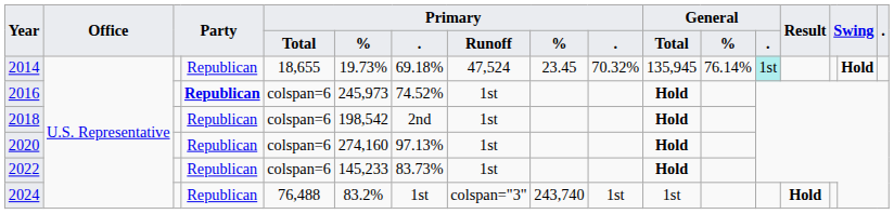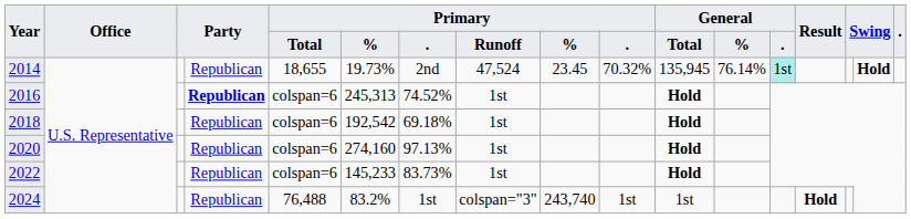 <table class="wikitable" style="font-size:90%; text-align:center;">
 <tr>
 <th style="background-color:#EAECF0;" rowspan=2>Year</th>
 <th style="background-color:#EAECF0;" rowspan=2>Office</th>
 <th style="background-color:#EAECF0;" colspan=2 rowspan=2>Party</th>
 <th style="background-color:#EAECF0;" colspan=6>Primary</th>
 <th style="background-color:#EAECF0;" colspan=3>General</th>
 <th style="background-color:#EAECF0;" rowspan=2>Result</th>
 <th style="background-color:#EAECF0;" colspan=2 rowspan=2><a href='#'>Swing</a></th>
 <th style="background-color:#EAECF0;" rowspan=2>.</th>
 </tr>
 <tr>
 <th style="background-color:#EAECF0;">Total</th>
 <th style="background-color:#EAECF0;">%</th>
 <th style="background-color:#EAECF0;">.</th>
 <th style="background-color:#EAECF0;">Runoff</th>
 <th style="background-color:#EAECF0;">%</th>
 <th style="background-color:#EAECF0;">.</th>
 <th style="background-color:#EAECF0;">Total</th>
 <th style="background-color:#EAECF0;">%</th>
 <th style="background-color:#EAECF0;">.</th>
 </tr>
 <tr>
 <td style="background-color:#EAECF0;"><a href='#'>2014</a></td>
 <td rowspan="6"><a href='#'>U.S. Representative</a></td>
 <td style="background-color:"></td>
 <td><a href='#'>Republican</a></td>
 <td>18,655</td>
 <td>19.73%</td>
-<td>69.18%</td>
+<td>2nd</td>
 <td>47,524</td>
 <td>23.45</td>
 <td>70.32%</td>
 <td>135,945</td>
 <td>76.14%</td>
 <td style="background: paleturquoise;">1st</td>
 <td></td>
 <td style="background-color:"></td>
 <td><strong>Hold</strong></td>
 <td></td>
 </tr>
 <tr>
 <td style="background-color:#EAECF0;"><a href='#'>2016</a></td>
 <td style="background-color:"></td>
 <td><strong><a href='#'>Republican</a></strong></td>
 <td>colspan=6 </td>
-<td>245,973</td>
+<td>245,313</td>
 <td>74.52%</td>
 <td>1st</td>
 <td></td>
 <td style="background-color:"></td>
 <td><strong>Hold</strong></td>
 <td></td>
 </tr>
 <tr>
 <td style="background-color:#EAECF0;"><a href='#'>2018</a></td>
 <td style="background-color:"></td>
 <td><a href='#'>Republican</a></td>
 <td>colspan=6 </td>
-<td>198,542</td>
-<td>2nd</td>
+<td>192,542</td>
+<td>69.18%</td>
 <td>1st</td>
 <td></td>
 <td style="background-color:"></td>
 <td><strong>Hold</strong></td>
 <td></td>
 </tr>
 <tr>
 <td style="background-color:#EAECF0;"><a href='#'>2020</a></td>
 <td style="background-color:"></td>
 <td><a href='#'>Republican</a></td>
 <td>colspan=6 </td>
 <td>274,160</td>
 <td>97.13%</td>
 <td>1st</td>
 <td></td>
 <td style="background-color:"></td>
 <td><strong>Hold</strong></td>
 <td></td>
 </tr>
 <tr>
 <td style="background-color:#EAECF0;"><a href='#'>2022</a></td>
 <td style="background-color:"></td>
 <td><a href='#'>Republican</a></td>
 <td>colspan=6 </td>
 <td>145,233</td>
 <td>83.73%</td>
 <td>1st</td>
 <td></td>
 <td style="background-color:"></td>
 <td><strong>Hold</strong></td>
 <td></td>
 </tr>
 <tr>
 <td style="background-color:#EAECF0;"><a href='#'>2024</a></td>
 <td style="background-color:"></td>
 <td><a href='#'>Republican</a></td>
 <td>76,488</td>
 <td>83.2%</td>
 <td>1st</td>
 <td>colspan="3" </td>
 <td>243,740</td>
 <td>1st</td>
 <td>1st</td>
 <td></td>
 <td style="background-color:"></td>
 <td><strong>Hold</strong></td>
 <td></td>
 </tr>
 </table>
